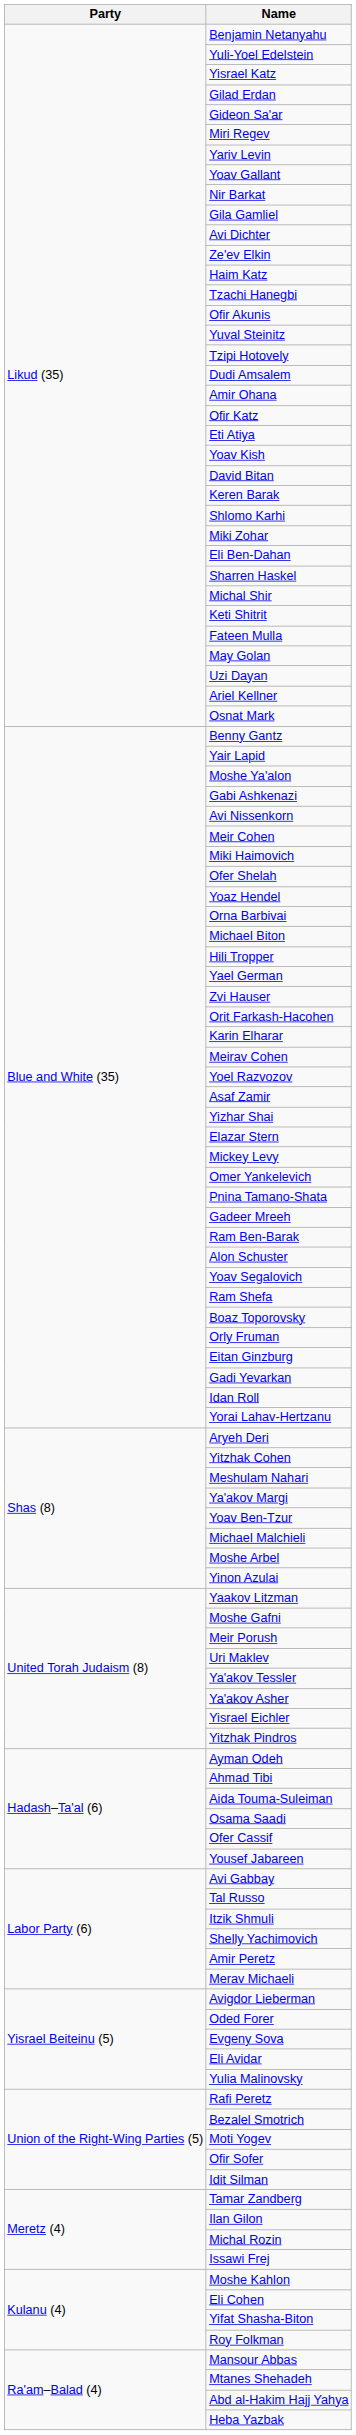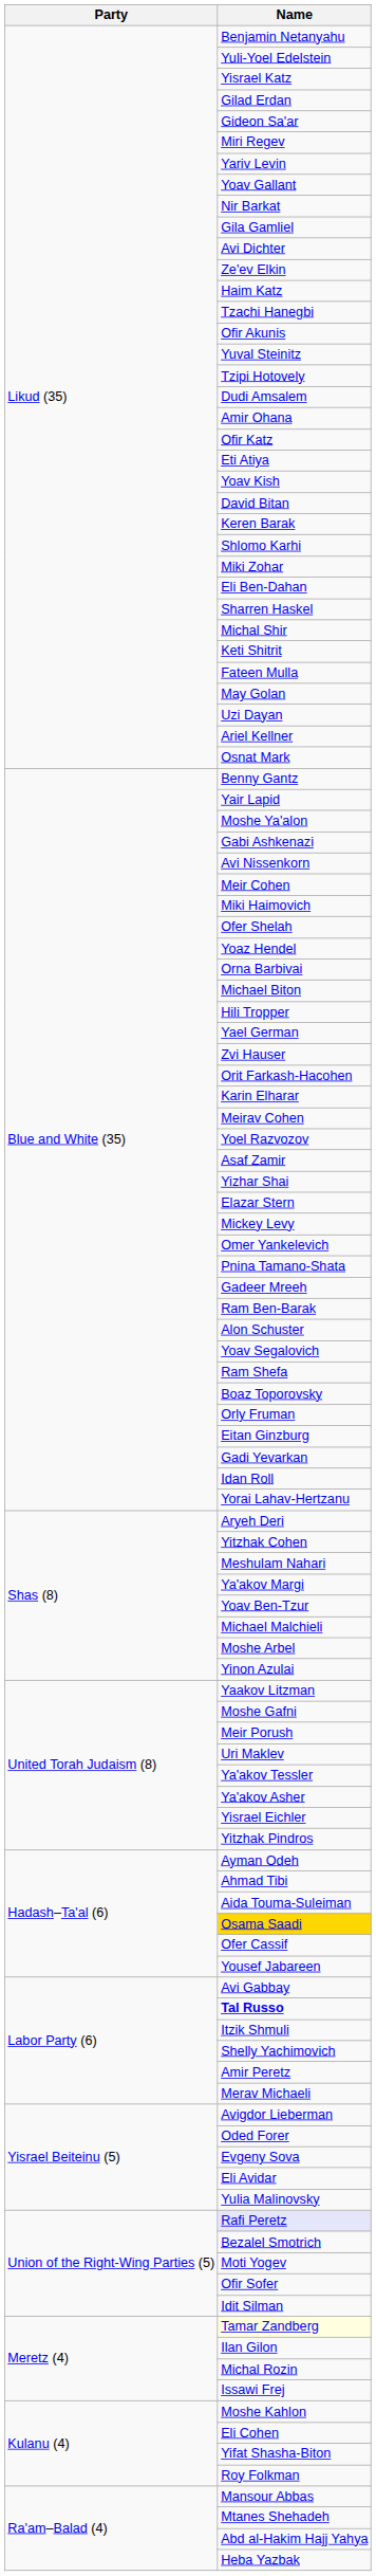 <table class=wikitable>
 <tr>
 <th>Party</th>
 <th>Name</th>
 </tr>
 <tr>
 <td rowspan=35><a href='#'>Likud</a> (35)</td>
 <td><a href='#'>Benjamin Netanyahu</a></td>
 </tr>
 <tr>
 <td><a href='#'>Yuli-Yoel Edelstein</a></td>
 </tr>
 <tr>
 <td><a href='#'>Yisrael Katz</a></td>
 </tr>
 <tr>
 <td><a href='#'>Gilad Erdan</a></td>
 </tr>
 <tr>
 <td><a href='#'>Gideon Sa'ar</a></td>
 </tr>
 <tr>
 <td><a href='#'>Miri Regev</a></td>
 </tr>
 <tr>
 <td><a href='#'>Yariv Levin</a></td>
 </tr>
 <tr>
 <td><a href='#'>Yoav Gallant</a></td>
 </tr>
 <tr>
 <td><a href='#'>Nir Barkat</a></td>
 </tr>
 <tr>
 <td><a href='#'>Gila Gamliel</a></td>
 </tr>
 <tr>
 <td><a href='#'>Avi Dichter</a></td>
 </tr>
 <tr>
 <td><a href='#'>Ze'ev Elkin</a></td>
 </tr>
 <tr>
 <td><a href='#'>Haim Katz</a></td>
 </tr>
 <tr>
 <td><a href='#'>Tzachi Hanegbi</a></td>
 </tr>
 <tr>
 <td><a href='#'>Ofir Akunis</a></td>
 </tr>
 <tr>
 <td><a href='#'>Yuval Steinitz</a></td>
 </tr>
 <tr>
 <td><a href='#'>Tzipi Hotovely</a></td>
 </tr>
 <tr>
 <td><a href='#'>Dudi Amsalem</a></td>
 </tr>
 <tr>
 <td><a href='#'>Amir Ohana</a></td>
 </tr>
 <tr>
 <td><a href='#'>Ofir Katz</a></td>
 </tr>
 <tr>
 <td><a href='#'>Eti Atiya</a></td>
 </tr>
 <tr>
 <td><a href='#'>Yoav Kish</a></td>
 </tr>
 <tr>
 <td><a href='#'>David Bitan</a></td>
 </tr>
 <tr>
 <td><a href='#'>Keren Barak</a></td>
 </tr>
 <tr>
 <td><a href='#'>Shlomo Karhi</a></td>
 </tr>
 <tr>
 <td><a href='#'>Miki Zohar</a></td>
 </tr>
 <tr>
 <td><a href='#'>Eli Ben-Dahan</a></td>
 </tr>
 <tr>
 <td><a href='#'>Sharren Haskel</a></td>
 </tr>
 <tr>
 <td><a href='#'>Michal Shir</a></td>
 </tr>
 <tr>
 <td><a href='#'>Keti Shitrit</a></td>
 </tr>
 <tr>
 <td><a href='#'>Fateen Mulla</a></td>
 </tr>
 <tr>
 <td><a href='#'>May Golan</a></td>
 </tr>
 <tr>
 <td><a href='#'>Uzi Dayan</a></td>
 </tr>
 <tr>
 <td><a href='#'>Ariel Kellner</a></td>
 </tr>
 <tr>
 <td><a href='#'>Osnat Mark</a></td>
 </tr>
 <tr>
 <td rowspan=35><a href='#'>Blue and White</a> (35)</td>
 <td><a href='#'>Benny Gantz</a></td>
 </tr>
 <tr>
 <td><a href='#'>Yair Lapid</a></td>
 </tr>
 <tr>
 <td><a href='#'>Moshe Ya'alon</a></td>
 </tr>
 <tr>
 <td><a href='#'>Gabi Ashkenazi</a></td>
 </tr>
 <tr>
 <td><a href='#'>Avi Nissenkorn</a></td>
 </tr>
 <tr>
 <td><a href='#'>Meir Cohen</a></td>
 </tr>
 <tr>
 <td><a href='#'>Miki Haimovich</a></td>
 </tr>
 <tr>
 <td><a href='#'>Ofer Shelah</a></td>
 </tr>
 <tr>
 <td><a href='#'>Yoaz Hendel</a></td>
 </tr>
 <tr>
 <td><a href='#'>Orna Barbivai</a></td>
 </tr>
 <tr>
 <td><a href='#'>Michael Biton</a></td>
 </tr>
 <tr>
 <td><a href='#'>Hili Tropper</a></td>
 </tr>
 <tr>
 <td><a href='#'>Yael German</a></td>
 </tr>
 <tr>
 <td><a href='#'>Zvi Hauser</a></td>
 </tr>
 <tr>
 <td><a href='#'>Orit Farkash-Hacohen</a></td>
 </tr>
 <tr>
 <td><a href='#'>Karin Elharar</a></td>
 </tr>
 <tr>
 <td><a href='#'>Meirav Cohen</a></td>
 </tr>
 <tr>
 <td><a href='#'>Yoel Razvozov</a></td>
 </tr>
 <tr>
 <td><a href='#'>Asaf Zamir</a></td>
 </tr>
 <tr>
 <td><a href='#'>Yizhar Shai</a></td>
 </tr>
 <tr>
 <td><a href='#'>Elazar Stern</a></td>
 </tr>
 <tr>
 <td><a href='#'>Mickey Levy</a></td>
 </tr>
 <tr>
 <td><a href='#'>Omer Yankelevich</a></td>
 </tr>
 <tr>
 <td><a href='#'>Pnina Tamano-Shata</a></td>
 </tr>
 <tr>
 <td><a href='#'>Gadeer Mreeh</a></td>
 </tr>
 <tr>
 <td><a href='#'>Ram Ben-Barak</a></td>
 </tr>
 <tr>
 <td><a href='#'>Alon Schuster</a></td>
 </tr>
 <tr>
 <td><a href='#'>Yoav Segalovich</a></td>
 </tr>
 <tr>
 <td><a href='#'>Ram Shefa</a></td>
 </tr>
 <tr>
 <td><a href='#'>Boaz Toporovsky</a></td>
 </tr>
 <tr>
 <td><a href='#'>Orly Fruman</a></td>
 </tr>
 <tr>
 <td><a href='#'>Eitan Ginzburg</a></td>
 </tr>
 <tr>
 <td><a href='#'>Gadi Yevarkan</a></td>
 </tr>
 <tr>
 <td><a href='#'>Idan Roll</a></td>
 </tr>
 <tr>
 <td><a href='#'>Yorai Lahav-Hertzanu</a></td>
 </tr>
 <tr>
 <td rowspan=8><a href='#'>Shas</a> (8)</td>
 <td><a href='#'>Aryeh Deri</a></td>
 </tr>
 <tr>
 <td><a href='#'>Yitzhak Cohen</a></td>
 </tr>
 <tr>
 <td><a href='#'>Meshulam Nahari</a></td>
 </tr>
 <tr>
 <td><a href='#'>Ya'akov Margi</a></td>
 </tr>
 <tr>
 <td><a href='#'>Yoav Ben-Tzur</a></td>
 </tr>
 <tr>
 <td><a href='#'>Michael Malchieli</a></td>
 </tr>
 <tr>
 <td><a href='#'>Moshe Arbel</a></td>
 </tr>
 <tr>
 <td><a href='#'>Yinon Azulai</a></td>
 </tr>
 <tr>
 <td rowspan=8><a href='#'>United Torah Judaism</a> (8)</td>
 <td><a href='#'>Yaakov Litzman</a></td>
 </tr>
 <tr>
 <td><a href='#'>Moshe Gafni</a></td>
 </tr>
 <tr>
 <td><a href='#'>Meir Porush</a></td>
 </tr>
 <tr>
 <td><a href='#'>Uri Maklev</a></td>
 </tr>
 <tr>
 <td><a href='#'>Ya'akov Tessler</a></td>
 </tr>
 <tr>
 <td><a href='#'>Ya'akov Asher</a></td>
 </tr>
 <tr>
 <td><a href='#'>Yisrael Eichler</a></td>
 </tr>
 <tr>
 <td><a href='#'>Yitzhak Pindros</a></td>
 </tr>
 <tr>
 <td rowspan=6><a href='#'>Hadash</a>–<a href='#'>Ta'al</a> (6)</td>
 <td><a href='#'>Ayman Odeh</a></td>
 </tr>
 <tr>
 <td><a href='#'>Ahmad Tibi</a></td>
 </tr>
 <tr>
 <td><a href='#'>Aida Touma-Suleiman</a></td>
 </tr>
 <tr>
-<td><a href='#'>Osama Saadi</a></td>
+<td style="background: gold;"><a href='#'>Osama Saadi</a></td>
 </tr>
 <tr>
 <td><a href='#'>Ofer Cassif</a></td>
 </tr>
 <tr>
 <td><a href='#'>Yousef Jabareen</a></td>
 </tr>
 <tr>
 <td rowspan=6><a href='#'>Labor Party</a> (6)</td>
 <td><a href='#'>Avi Gabbay</a></td>
 </tr>
 <tr>
-<td><a href='#'>Tal Russo</a></td>
+<td><strong><a href='#'>Tal Russo</a></strong></td>
 </tr>
 <tr>
 <td><a href='#'>Itzik Shmuli</a></td>
 </tr>
 <tr>
 <td><a href='#'>Shelly Yachimovich</a></td>
 </tr>
 <tr>
 <td><a href='#'>Amir Peretz</a></td>
 </tr>
 <tr>
 <td><a href='#'>Merav Michaeli</a></td>
 </tr>
 <tr>
 <td rowspan=5><a href='#'>Yisrael Beiteinu</a> (5)</td>
 <td><a href='#'>Avigdor Lieberman</a></td>
 </tr>
 <tr>
 <td><a href='#'>Oded Forer</a></td>
 </tr>
 <tr>
 <td><a href='#'>Evgeny Sova</a></td>
 </tr>
 <tr>
 <td><a href='#'>Eli Avidar</a></td>
 </tr>
 <tr>
 <td><a href='#'>Yulia Malinovsky</a></td>
 </tr>
 <tr>
 <td rowspan=5><a href='#'>Union of the Right-Wing Parties</a> (5)</td>
-<td><a href='#'>Rafi Peretz</a></td>
+<td style="background: lavender;"><a href='#'>Rafi Peretz</a></td>
 </tr>
 <tr>
 <td><a href='#'>Bezalel Smotrich</a></td>
 </tr>
 <tr>
 <td><a href='#'>Moti Yogev</a></td>
 </tr>
 <tr>
 <td><a href='#'>Ofir Sofer</a></td>
 </tr>
 <tr>
 <td><a href='#'>Idit Silman</a></td>
 </tr>
 <tr>
 <td rowspan=4><a href='#'>Meretz</a> (4)</td>
-<td><a href='#'>Tamar Zandberg</a></td>
+<td style="background: lightyellow;"><a href='#'>Tamar Zandberg</a></td>
 </tr>
 <tr>
 <td><a href='#'>Ilan Gilon</a></td>
 </tr>
 <tr>
 <td><a href='#'>Michal Rozin</a></td>
 </tr>
 <tr>
 <td><a href='#'>Issawi Frej</a></td>
 </tr>
 <tr>
 <td rowspan=4><a href='#'>Kulanu</a> (4)</td>
 <td><a href='#'>Moshe Kahlon</a></td>
 </tr>
 <tr>
 <td><a href='#'>Eli Cohen</a></td>
 </tr>
 <tr>
 <td><a href='#'>Yifat Shasha-Biton</a></td>
 </tr>
 <tr>
 <td><a href='#'>Roy Folkman</a></td>
 </tr>
 <tr>
 <td rowspan=4><a href='#'>Ra'am</a>–<a href='#'>Balad</a> (4)</td>
 <td><a href='#'>Mansour Abbas</a></td>
 </tr>
 <tr>
 <td><a href='#'>Mtanes Shehadeh</a></td>
 </tr>
 <tr>
 <td><a href='#'>Abd al-Hakim Hajj Yahya</a></td>
 </tr>
 <tr>
 <td><a href='#'>Heba Yazbak</a></td>
 </tr>
 </table>
